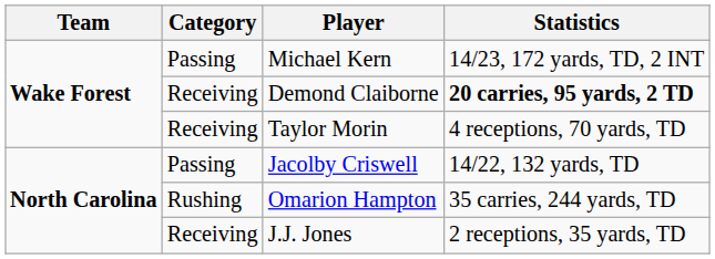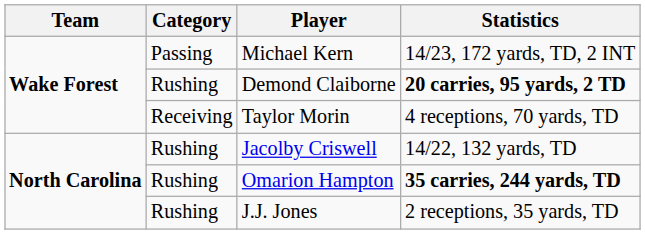 <table class="wikitable" style="float: right;">
 <tr>
 <th>Team</th>
 <th>Category</th>
 <th>Player</th>
 <th>Statistics</th>
 </tr>
 <tr>
 <td rowspan=3><strong>Wake Forest</strong></td>
 <td>Passing</td>
 <td>Michael Kern</td>
 <td>14/23, 172 yards, TD, 2 INT</td>
 </tr>
 <tr>
-<td>Receiving</td>
+<td>Rushing</td>
 <td>Demond Claiborne</td>
 <td><strong>20 carries, 95 yards, 2 TD</strong></td>
 </tr>
 <tr>
 <td>Receiving</td>
 <td>Taylor Morin</td>
 <td>4 receptions, 70 yards, TD</td>
 </tr>
 <tr>
 <td rowspan=3><strong>North Carolina</strong></td>
-<td>Passing</td>
+<td>Rushing</td>
 <td><a href='#'>Jacolby Criswell</a></td>
 <td>14/22, 132 yards, TD</td>
 </tr>
 <tr>
 <td>Rushing</td>
 <td><a href='#'>Omarion Hampton</a></td>
-<td>35 carries, 244 yards, TD</td>
+<td><strong>35 carries, 244 yards, TD</strong></td>
 </tr>
 <tr>
-<td>Receiving</td>
+<td>Rushing</td>
 <td>J.J. Jones</td>
 <td>2 receptions, 35 yards, TD</td>
 </tr>
 </table>
